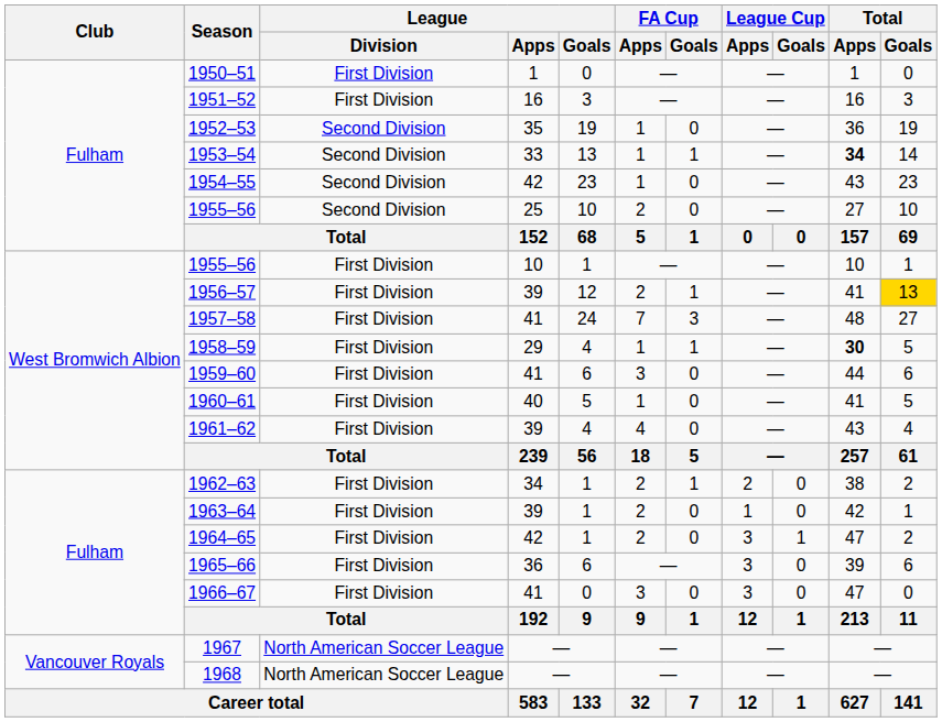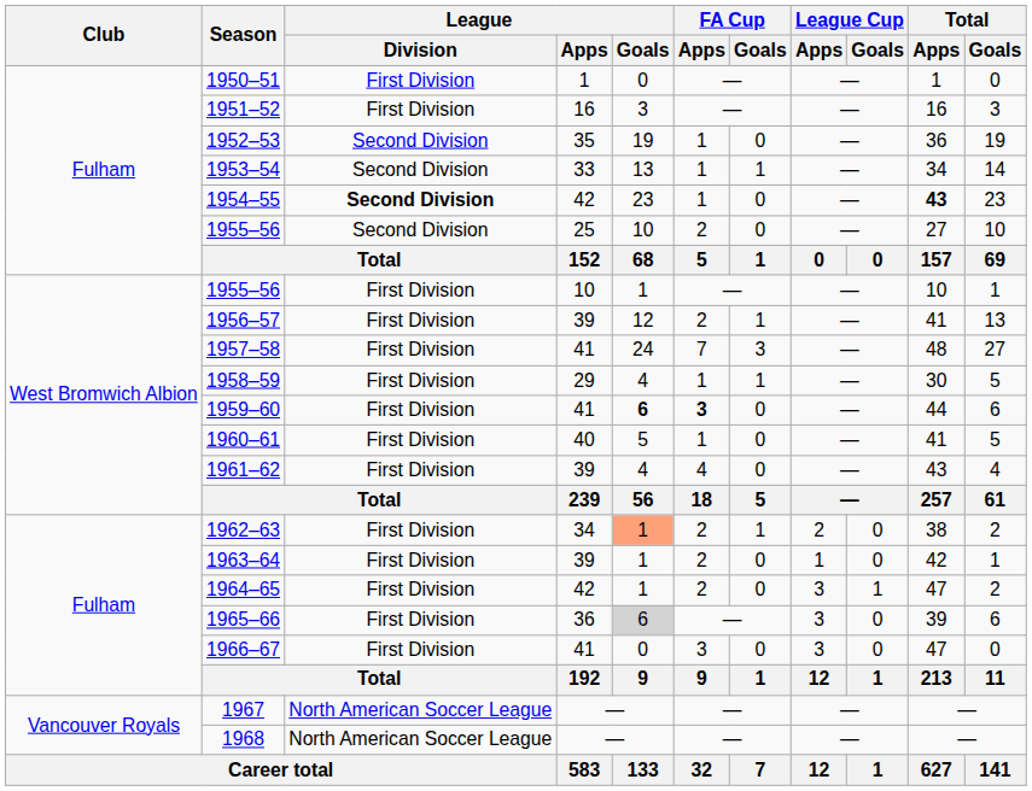 <table class="wikitable" style="text-align:center">
 <tr>
 <th rowspan="2">Club</th>
 <th rowspan="2">Season</th>
 <th colspan="3">League</th>
 <th colspan="2"><a href='#'>FA Cup</a></th>
 <th colspan="2"><a href='#'>League Cup</a></th>
 <th colspan="2">Total</th>
 </tr>
 <tr>
 <th>Division</th>
 <th>Apps</th>
 <th>Goals</th>
 <th>Apps</th>
 <th>Goals</th>
 <th>Apps</th>
 <th>Goals</th>
 <th>Apps</th>
 <th>Goals</th>
 </tr>
 <tr>
 <td rowspan="7"><a href='#'>Fulham</a></td>
 <td><a href='#'>1950–51</a></td>
 <td><a href='#'>First Division</a></td>
 <td>1</td>
 <td>0</td>
 <td colspan="2">—</td>
 <td colspan="2">—</td>
 <td>1</td>
 <td>0</td>
 </tr>
 <tr>
 <td><a href='#'>1951–52</a></td>
 <td>First Division</td>
 <td>16</td>
 <td>3</td>
 <td colspan="2">—</td>
 <td colspan="2">—</td>
 <td>16</td>
 <td>3</td>
 </tr>
 <tr>
 <td><a href='#'>1952–53</a></td>
 <td><a href='#'>Second Division</a></td>
 <td>35</td>
 <td>19</td>
 <td>1</td>
 <td>0</td>
 <td colspan="2">—</td>
 <td>36</td>
 <td>19</td>
 </tr>
 <tr>
 <td><a href='#'>1953–54</a></td>
 <td>Second Division</td>
 <td>33</td>
 <td>13</td>
 <td>1</td>
 <td>1</td>
 <td colspan="2">—</td>
-<td><strong>34</strong></td>
+<td>34</td>
 <td>14</td>
 </tr>
 <tr>
 <td><a href='#'>1954–55</a></td>
-<td>Second Division</td>
+<td><strong>Second Division</strong></td>
 <td>42</td>
 <td>23</td>
 <td>1</td>
 <td>0</td>
 <td colspan="2">—</td>
-<td>43</td>
+<td><strong>43</strong></td>
 <td>23</td>
 </tr>
 <tr>
 <td><a href='#'>1955–56</a></td>
 <td>Second Division</td>
 <td>25</td>
 <td>10</td>
 <td>2</td>
 <td>0</td>
 <td colspan="2">—</td>
 <td>27</td>
 <td>10</td>
 </tr>
 <tr>
 <th colspan="2">Total</th>
 <th>152</th>
 <th>68</th>
 <th>5</th>
 <th>1</th>
 <th>0</th>
 <th>0</th>
 <th>157</th>
 <th>69</th>
 </tr>
 <tr>
 <td rowspan="8"><a href='#'>West Bromwich Albion</a></td>
 <td><a href='#'>1955–56</a></td>
 <td>First Division</td>
 <td>10</td>
 <td>1</td>
 <td colspan="2">—</td>
 <td colspan="2">—</td>
 <td>10</td>
 <td>1</td>
 </tr>
 <tr>
 <td><a href='#'>1956–57</a></td>
 <td>First Division</td>
 <td>39</td>
 <td>12</td>
 <td>2</td>
 <td>1</td>
 <td colspan="2">—</td>
 <td>41</td>
-<td style="background: gold;">13</td>
+<td>13</td>
 </tr>
 <tr>
 <td><a href='#'>1957–58</a></td>
 <td>First Division</td>
 <td>41</td>
 <td>24</td>
 <td>7</td>
 <td>3</td>
 <td colspan="2">—</td>
 <td>48</td>
 <td>27</td>
 </tr>
 <tr>
 <td><a href='#'>1958–59</a></td>
 <td>First Division</td>
 <td>29</td>
 <td>4</td>
 <td>1</td>
 <td>1</td>
 <td colspan="2">—</td>
-<td><strong>30</strong></td>
+<td>30</td>
 <td>5</td>
 </tr>
 <tr>
 <td><a href='#'>1959–60</a></td>
 <td>First Division</td>
 <td>41</td>
-<td>6</td>
-<td>3</td>
+<td><strong>6</strong></td>
+<td><strong>3</strong></td>
 <td>0</td>
 <td colspan="2">—</td>
 <td>44</td>
 <td>6</td>
 </tr>
 <tr>
 <td><a href='#'>1960–61</a></td>
 <td>First Division</td>
 <td>40</td>
 <td>5</td>
 <td>1</td>
 <td>0</td>
 <td colspan="2">—</td>
 <td>41</td>
 <td>5</td>
 </tr>
 <tr>
 <td><a href='#'>1961–62</a></td>
 <td>First Division</td>
 <td>39</td>
 <td>4</td>
 <td>4</td>
 <td>0</td>
 <td colspan="2">—</td>
 <td>43</td>
 <td>4</td>
 </tr>
 <tr>
 <th colspan="2">Total</th>
 <th>239</th>
 <th>56</th>
 <th>18</th>
 <th>5</th>
 <th colspan="2">—</th>
 <th>257</th>
 <th>61</th>
 </tr>
 <tr>
 <td rowspan="6"><a href='#'>Fulham</a></td>
 <td><a href='#'>1962–63</a></td>
 <td>First Division</td>
 <td>34</td>
-<td>1</td>
+<td style="background: lightsalmon;">1</td>
 <td>2</td>
 <td>1</td>
 <td>2</td>
 <td>0</td>
 <td>38</td>
 <td>2</td>
 </tr>
 <tr>
 <td><a href='#'>1963–64</a></td>
 <td>First Division</td>
 <td>39</td>
 <td>1</td>
 <td>2</td>
 <td>0</td>
 <td>1</td>
 <td>0</td>
 <td>42</td>
 <td>1</td>
 </tr>
 <tr>
 <td><a href='#'>1964–65</a></td>
 <td>First Division</td>
 <td>42</td>
 <td>1</td>
 <td>2</td>
 <td>0</td>
 <td>3</td>
 <td>1</td>
 <td>47</td>
 <td>2</td>
 </tr>
 <tr>
 <td><a href='#'>1965–66</a></td>
 <td>First Division</td>
 <td>36</td>
-<td>6</td>
+<td style="background: lightgrey;">6</td>
 <td colspan="2">—</td>
 <td>3</td>
 <td>0</td>
 <td>39</td>
 <td>6</td>
 </tr>
 <tr>
 <td><a href='#'>1966–67</a></td>
 <td>First Division</td>
 <td>41</td>
 <td>0</td>
 <td>3</td>
 <td>0</td>
 <td>3</td>
 <td>0</td>
 <td>47</td>
 <td>0</td>
 </tr>
 <tr>
 <th colspan="2">Total</th>
 <th>192</th>
 <th>9</th>
 <th>9</th>
 <th>1</th>
 <th>12</th>
 <th>1</th>
 <th>213</th>
 <th>11</th>
 </tr>
 <tr>
 <td rowspan="2"><a href='#'>Vancouver Royals</a></td>
 <td><a href='#'>1967</a></td>
 <td><a href='#'>North American Soccer League</a></td>
 <td colspan="2">—</td>
 <td colspan="2">—</td>
 <td colspan="2">—</td>
 <td colspan="2">—</td>
 </tr>
 <tr>
 <td><a href='#'>1968</a></td>
 <td>North American Soccer League</td>
 <td colspan="2">—</td>
 <td colspan="2">—</td>
 <td colspan="2">—</td>
 <td colspan="2">—</td>
 </tr>
 <tr>
 <th colspan="3">Career total</th>
 <th>583</th>
 <th>133</th>
 <th>32</th>
 <th>7</th>
 <th>12</th>
 <th>1</th>
 <th>627</th>
 <th>141</th>
 </tr>
 </table>
